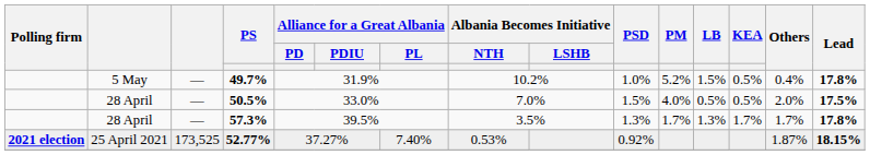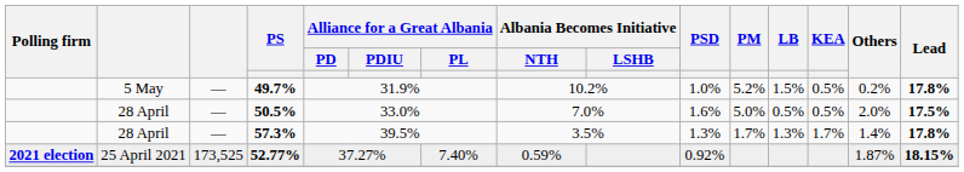 <table class="wikitable sortable tpl-blanktablele" style="text-align:center;font-size:90%;line-height:14px;">
 <tr style="height:40px;">
 <th rowspan="3">Polling firm</th>
 <th rowspan="3"></th>
 <th rowspan="3"></th>
 <th class="unsortable" style="width:40px;" rowspan=2><a href='#'>PS</a></th>
 <th colspan=3><a href='#'>Alliance for a Great Albania</a></th>
 <th colspan=2>Albania Becomes Initiative</th>
 <th class="unsortable" style="width:40px;" rowspan=2><a href='#'>PSD</a></th>
 <th rowspan="2" class="unsortable" style="width:30px;"><a href='#'>PM</a></th>
 <th rowspan="2" class="unsortable" style="width:30px;"><a href='#'>LB</a></th>
 <th class="unsortable" style="width:30px;"  rowspan=2><a href='#'>KEA</a></th>
 <th class="unsortable" style="width:30px;"  rowspan=3>Others</th>
 <th style="width:30px;" rowspan=3><br>Lead</th>
 </tr>
 <tr>
 <th><a href='#'>PD</a></th>
 <th><a href='#'>PDIU</a></th>
 <th><a href='#'>PL</a></th>
 <th><a href='#'>NTH</a></th>
 <th><a href='#'>LSHB</a></th>
 </tr>
 <tr>
 <th style="background:"></th>
 <th style="background:"></th>
 <th style="background:"></th>
 <th style="background:"></th>
 <th style="background:"></th>
 <th style="background:"></th>
 <th style="background:"></th>
 <th style="background:"></th>
 <th style="background:"></th>
 <th style="background:"></th>
 </tr>
 <tr>
 <td></td>
 <td>5 May</td>
 <td>—</td>
 <td><strong>49.7%</strong><br> </td>
 <td colspan="3">31.9%<br> </td>
 <td colspan="2">10.2%<br> </td>
 <td>1.0%<br> </td>
 <td>5.2%<br> </td>
 <td>1.5%<br> </td>
 <td>0.5%<br> </td>
-<td>0.4%</td>
+<td>0.2%</td>
 <td style="background:"><strong>17.8%</strong></td>
 </tr>
 <tr>
 <td></td>
 <td>28 April</td>
 <td>—</td>
 <td><strong>50.5%</strong><br> </td>
 <td colspan="3">33.0%<br> </td>
 <td colspan="2">7.0%<br> </td>
-<td>1.5%<br> </td>
-<td>4.0%<br> </td>
+<td>1.6%<br> </td>
+<td>5.0%<br> </td>
 <td>0.5%<br> </td>
 <td>0.5%<br> </td>
 <td>2.0%</td>
 <td style="background:"><strong>17.5%</strong></td>
 </tr>
 <tr>
 <td></td>
 <td>28 April</td>
 <td>—</td>
 <td><strong>57.3%</strong></td>
 <td colspan="3">39.5%</td>
 <td colspan="2">3.5%</td>
 <td>1.3%</td>
 <td>1.7%</td>
 <td>1.3%</td>
 <td>1.7%</td>
-<td>1.7%</td>
+<td>1.4%</td>
 <td style="background:"><strong>17.8%</strong></td>
 </tr>
 <tr style="background:#EFEFEF">
 <td><strong><a href='#'>2021 election</a></strong></td>
 <td>25 April 2021</td>
 <td>173,525</td>
 <td><strong>52.77%</strong> <br> </td>
 <td colspan="2">37.27%<br> </td>
 <td>7.40%<br> </td>
-<td>0.53%<br> </td>
+<td>0.59%<br> </td>
 <td></td>
 <td>0.92%<br> </td>
 <td></td>
 <td></td>
 <td></td>
 <td>1.87%</td>
 <td style="background:"><strong>18.15%</strong></td>
 </tr>
 <tr>
 </tr>
 </table>
